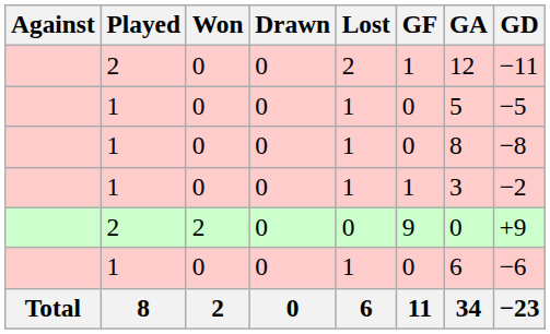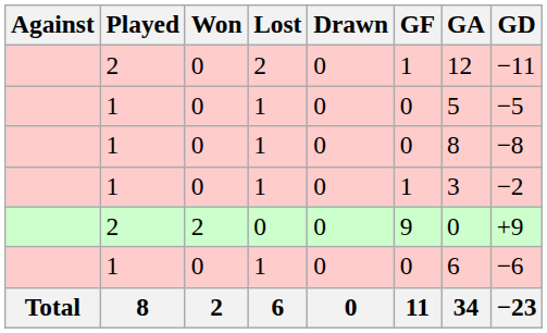 <table class="sortable wikitable">
 <tr>
 <th>Against</th>
 <th>Played</th>
 <th>Won</th>
+<th>Lost</th>
 <th>Drawn</th>
-<th>Lost</th>
 <th>GF</th>
 <th>GA</th>
 <th>GD</th>
 </tr>
 <tr bgcolor=#FFCCCC>
 <td style="text-align:left;"></td>
 <td>2</td>
 <td>0</td>
+<td>2</td>
 <td>0</td>
-<td>2</td>
 <td>1</td>
 <td>12</td>
 <td>−11</td>
 </tr>
 <tr bgcolor=#FFCCCC>
 <td style="text-align:left;"></td>
 <td>1</td>
 <td>0</td>
+<td>1</td>
 <td>0</td>
-<td>1</td>
 <td>0</td>
 <td>5</td>
 <td>−5</td>
 </tr>
 <tr bgcolor=#FFCCCC>
 <td style="text-align:left;"></td>
 <td>1</td>
 <td>0</td>
+<td>1</td>
 <td>0</td>
-<td>1</td>
 <td>0</td>
 <td>8</td>
 <td>−8</td>
 </tr>
 <tr bgcolor=#FFCCCC>
 <td style="text-align:left;"></td>
 <td>1</td>
 <td>0</td>
+<td>1</td>
 <td>0</td>
-<td>1</td>
 <td>1</td>
 <td>3</td>
 <td>−2</td>
 </tr>
 <tr bgcolor=#CCFFCC>
 <td style="text-align:left;"></td>
 <td>2</td>
 <td>2</td>
 <td>0</td>
 <td>0</td>
 <td>9</td>
 <td>0</td>
 <td>+9</td>
 </tr>
 <tr bgcolor=#FFCCCC>
 <td style="text-align:left;"></td>
 <td>1</td>
 <td>0</td>
+<td>1</td>
 <td>0</td>
-<td>1</td>
 <td>0</td>
 <td>6</td>
 <td>−6</td>
 </tr>
 <tr class="sortbottom">
 <th>Total</th>
 <th>8</th>
 <th>2</th>
+<th>6</th>
 <th>0</th>
-<th>6</th>
 <th>11</th>
 <th>34</th>
 <th>−23</th>
 </tr>
 </table>
